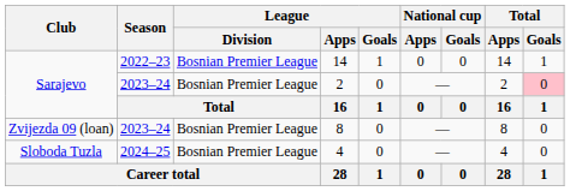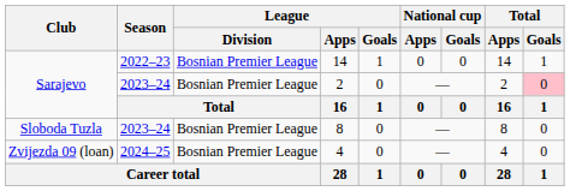 <table class="wikitable" style="text-align:center">
 <tr>
 <th rowspan=2>Club</th>
 <th rowspan=2>Season</th>
 <th colspan=3>League</th>
 <th colspan=2>National cup</th>
 <th colspan=2>Total</th>
 </tr>
 <tr>
 <th>Division</th>
 <th>Apps</th>
 <th>Goals</th>
 <th>Apps</th>
 <th>Goals</th>
 <th>Apps</th>
 <th>Goals</th>
 </tr>
 <tr>
 <td rowspan=3><a href='#'>Sarajevo</a></td>
 <td><a href='#'>2022–23</a></td>
 <td><a href='#'>Bosnian Premier League</a></td>
 <td>14</td>
 <td>1</td>
 <td>0</td>
 <td>0</td>
 <td>14</td>
 <td>1</td>
 </tr>
 <tr>
 <td><a href='#'>2023–24</a></td>
 <td>Bosnian Premier League</td>
 <td>2</td>
 <td>0</td>
 <td colspan=2>—</td>
 <td>2</td>
 <td style="background: pink;">0</td>
 </tr>
 <tr>
 <th colspan=2>Total</th>
 <th>16</th>
 <th>1</th>
 <th>0</th>
 <th>0</th>
 <th>16</th>
 <th>1</th>
 </tr>
 <tr>
-<td><a href='#'>Zvijezda 09</a> (loan)</td>
+<td><a href='#'>Sloboda Tuzla</a></td>
 <td><a href='#'>2023–24</a></td>
 <td>Bosnian Premier League</td>
 <td>8</td>
 <td>0</td>
 <td colspan=2>—</td>
 <td>8</td>
 <td>0</td>
 </tr>
 <tr>
-<td><a href='#'>Sloboda Tuzla</a></td>
+<td><a href='#'>Zvijezda 09</a> (loan)</td>
 <td><a href='#'>2024–25</a></td>
 <td>Bosnian Premier League</td>
 <td>4</td>
 <td>0</td>
 <td colspan=2>—</td>
 <td>4</td>
 <td>0</td>
 </tr>
 <tr>
 <th colspan=3>Career total</th>
 <th>28</th>
 <th>1</th>
 <th>0</th>
 <th>0</th>
 <th>28</th>
 <th>1</th>
 </tr>
 </table>
